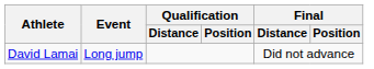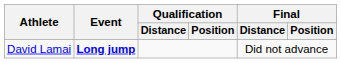 <table class=wikitable style="font-size:90%; text-align:center">
 <tr>
 <th rowspan=2>Athlete</th>
 <th rowspan=2>Event</th>
 <th colspan=2>Qualification</th>
 <th colspan=2>Final</th>
 </tr>
 <tr style=font-size:95%>
 <th>Distance</th>
 <th>Position</th>
 <th>Distance</th>
 <th>Position</th>
 </tr>
 <tr align=center>
 <td align=left><a href='#'>David Lamai</a></td>
-<td align=left><a href='#'>Long jump</a></td>
+<td align=left><strong><a href='#'>Long jump</a></strong></td>
 <td colspan=2></td>
 <td colspan=2>Did not advance</td>
 </tr>
 </table>
